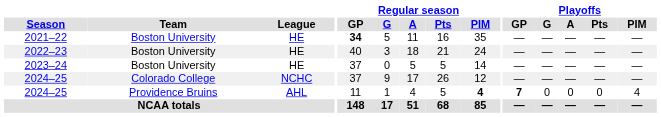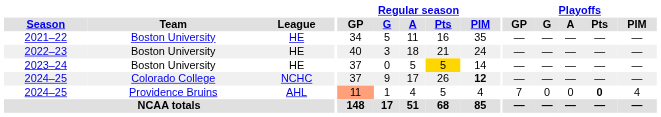 <table cellspacing="0" cellpadding="1" border="0" style="text-align:center; width:60em;">
 <tr>
 <th colspan="3" bgcolor="#ffffff"></th>
 <th rowspan="99" bgcolor="#ffffff"></th>
 <th colspan="5"><a href='#'>Regular season</a></th>
 <th rowspan="99" bgcolor="#ffffff"></th>
 <th colspan="5"><a href='#'>Playoffs</a></th>
 </tr>
 <tr bgcolor="#e0e0e0">
 <th><a href='#'>Season</a></th>
 <th>Team</th>
 <th>League</th>
 <th>GP</th>
 <th><a href='#'>G</a></th>
 <th><a href='#'>A</a></th>
 <th><a href='#'>Pts</a></th>
 <th><a href='#'>PIM</a></th>
 <th>GP</th>
 <th>G</th>
 <th>A</th>
 <th>Pts</th>
 <th>PIM</th>
 </tr>
 <tr>
 <td><a href='#'>2021–22</a></td>
 <td><a href='#'>Boston University</a></td>
 <td><a href='#'>HE</a></td>
-<td><strong>34</strong></td>
+<td>34</td>
 <td>5</td>
 <td>11</td>
 <td>16</td>
 <td>35</td>
 <td>—</td>
 <td>—</td>
 <td>—</td>
 <td>—</td>
 <td>—</td>
 </tr>
 <tr bgcolor="#f0f0f0">
 <td><a href='#'>2022–23</a></td>
 <td>Boston University</td>
 <td>HE</td>
 <td>40</td>
 <td>3</td>
 <td>18</td>
 <td>21</td>
 <td>24</td>
 <td>—</td>
 <td>—</td>
 <td>—</td>
 <td>—</td>
 <td>—</td>
 </tr>
 <tr>
 <td><a href='#'>2023–24</a></td>
 <td>Boston University</td>
 <td>HE</td>
 <td>37</td>
 <td>0</td>
 <td>5</td>
-<td>5</td>
+<td style="background: gold;">5</td>
 <td>14</td>
 <td>—</td>
 <td>—</td>
 <td>—</td>
 <td>—</td>
 <td>—</td>
 </tr>
 <tr bgcolor="#f0f0f0">
 <td><a href='#'>2024–25</a></td>
 <td><a href='#'>Colorado College</a></td>
 <td><a href='#'>NCHC</a></td>
 <td>37</td>
 <td>9</td>
 <td>17</td>
 <td>26</td>
-<td>12</td>
+<td><strong>12</strong></td>
 <td>—</td>
 <td>—</td>
 <td>—</td>
 <td>—</td>
 <td>—</td>
 </tr>
 <tr>
 <td><a href='#'>2024–25</a></td>
 <td><a href='#'>Providence Bruins</a></td>
 <td><a href='#'>AHL</a></td>
-<td>11</td>
+<td style="background: lightsalmon;">11</td>
 <td>1</td>
 <td>4</td>
 <td>5</td>
-<td><strong>4</strong></td>
-<td><strong>7</strong></td>
+<td>4</td>
+<td>7</td>
 <td>0</td>
 <td>0</td>
-<td>0</td>
+<td><strong>0</strong></td>
 <td>4</td>
 </tr>
 <tr bgcolor="#e0e0e0">
 <th colspan="3">NCAA totals</th>
 <th>148</th>
 <th>17</th>
 <th>51</th>
 <th>68</th>
 <th>85</th>
 <th>—</th>
 <th>—</th>
 <th>—</th>
 <th>—</th>
 <th>—</th>
 </tr>
 </table>
